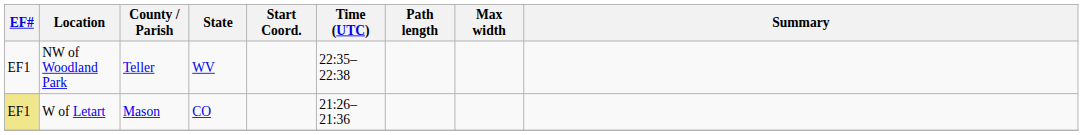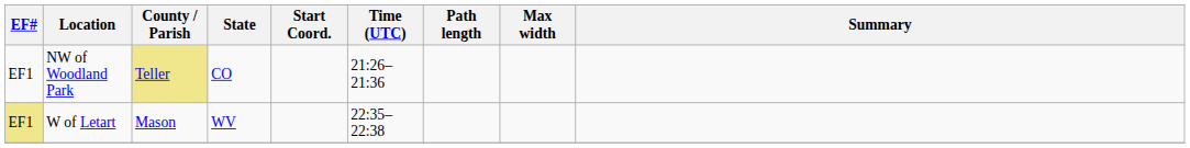 <table class="wikitable sortable" style="width:100%;">
 <tr>
 <th scope="col"  style="width:3%; text-align:center;"><a href='#'>EF#</a></th>
 <th scope="col"  style="width:7%; text-align:center;" class="unsortable">Location</th>
 <th scope="col"  style="width:6%; text-align:center;" class="unsortable">County / Parish</th>
 <th scope="col"  style="width:5%; text-align:center;">State</th>
 <th scope="col"  style="width:6%; text-align:center;">Start Coord.</th>
 <th scope="col"  style="width:6%; text-align:center;">Time (<a href='#'>UTC</a>)</th>
 <th scope="col"  style="width:6%; text-align:center;">Path length</th>
 <th scope="col"  style="width:6%; text-align:center;">Max width</th>
 <th scope="col" class="unsortable" style="width:48%; text-align:center;">Summary</th>
 </tr>
 <tr>
 <td>EF1</td>
 <td>NW of <a href='#'>Woodland Park</a></td>
-<td><a href='#'>Teller</a></td>
+<td style="background: khaki;"><a href='#'>Teller</a></td>
+<td><a href='#'>CO</a></td>
+<td></td>
+<td>21:26–21:36</td>
+<td></td>
+<td></td>
+<td></td>
+</tr>
+<tr>
+<td style="background: khaki;">EF1</td>
+<td>W of <a href='#'>Letart</a></td>
+<td><a href='#'>Mason</a></td>
 <td><a href='#'>WV</a></td>
 <td></td>
 <td>22:35–22:38</td>
 <td></td>
 <td></td>
 <td></td>
 </tr>
 <tr>
-<td style="background: khaki;">EF1</td>
-<td>W of <a href='#'>Letart</a></td>
-<td><a href='#'>Mason</a></td>
-<td><a href='#'>CO</a></td>
-<td></td>
-<td>21:26–21:36</td>
-<td></td>
-<td></td>
-<td></td>
-</tr>
-<tr>
 </tr>
 </table>
